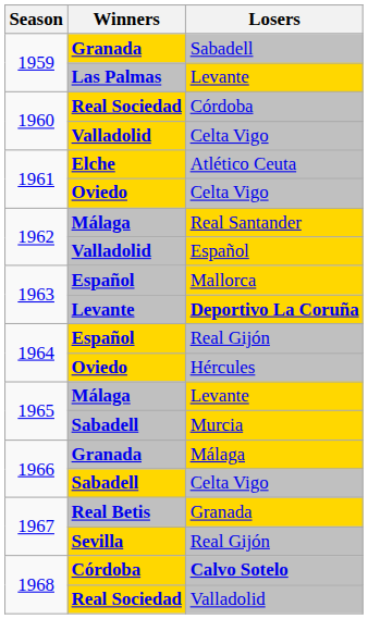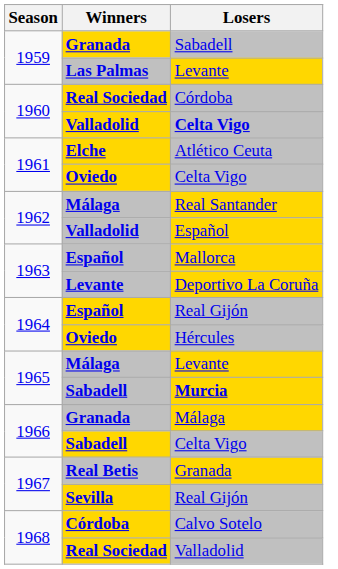 <table class="wikitable">
 <tr>
 <th>Season</th>
 <th>Winners</th>
 <th>Losers</th>
 </tr>
 <tr>
 <td rowspan=2 align=center><a href='#'>1959</a></td>
 <td bgcolor=gold><strong><a href='#'>Granada</a></strong></td>
 <td bgcolor=silver><a href='#'>Sabadell</a></td>
 </tr>
 <tr>
 <td bgcolor=silver><strong><a href='#'>Las Palmas</a></strong></td>
 <td bgcolor=gold><a href='#'>Levante</a></td>
 </tr>
 <tr>
 <td rowspan=2 align=center><a href='#'>1960</a></td>
 <td bgcolor=gold><strong><a href='#'>Real Sociedad</a></strong></td>
 <td bgcolor=silver><a href='#'>Córdoba</a></td>
 </tr>
 <tr>
 <td bgcolor=gold><strong><a href='#'>Valladolid</a></strong></td>
-<td bgcolor=silver><a href='#'>Celta Vigo</a></td>
+<td bgcolor=silver><strong><a href='#'>Celta Vigo</a></strong></td>
 </tr>
 <tr>
 <td rowspan=2 align=center><a href='#'>1961</a></td>
 <td bgcolor=gold><strong><a href='#'>Elche</a></strong></td>
 <td bgcolor=silver><a href='#'>Atlético Ceuta</a></td>
 </tr>
 <tr>
 <td bgcolor=gold><strong><a href='#'>Oviedo</a></strong></td>
 <td bgcolor=silver><a href='#'>Celta Vigo</a></td>
 </tr>
 <tr>
 <td rowspan=2 align=center><a href='#'>1962</a></td>
 <td bgcolor=silver><strong><a href='#'>Málaga</a></strong></td>
 <td bgcolor=gold><a href='#'>Real Santander</a></td>
 </tr>
 <tr>
 <td bgcolor=silver><strong><a href='#'>Valladolid</a></strong></td>
 <td bgcolor=gold><a href='#'>Español</a></td>
 </tr>
 <tr>
 <td rowspan=2 align=center><a href='#'>1963</a></td>
 <td bgcolor=silver><strong><a href='#'>Español</a></strong></td>
 <td bgcolor=gold><a href='#'>Mallorca</a></td>
 </tr>
 <tr>
 <td bgcolor=silver><strong><a href='#'>Levante</a></strong></td>
-<td bgcolor=gold><strong><a href='#'>Deportivo La Coruña</a></strong></td>
+<td bgcolor=gold><a href='#'>Deportivo La Coruña</a></td>
 </tr>
 <tr>
 <td rowspan=2 align=center><a href='#'>1964</a></td>
 <td bgcolor=gold><strong><a href='#'>Español</a></strong></td>
 <td bgcolor=silver><a href='#'>Real Gijón</a></td>
 </tr>
 <tr>
 <td bgcolor=gold><strong><a href='#'>Oviedo</a></strong></td>
 <td bgcolor=silver><a href='#'>Hércules</a></td>
 </tr>
 <tr>
 <td rowspan=2 align=center><a href='#'>1965</a></td>
 <td bgcolor=silver><strong><a href='#'>Málaga</a></strong></td>
 <td bgcolor=gold><a href='#'>Levante</a></td>
 </tr>
 <tr>
 <td bgcolor=silver><strong><a href='#'>Sabadell</a></strong></td>
-<td bgcolor=gold><a href='#'>Murcia</a></td>
+<td bgcolor=gold><strong><a href='#'>Murcia</a></strong></td>
 </tr>
 <tr>
 <td rowspan=2 align=center><a href='#'>1966</a></td>
 <td bgcolor=silver><strong><a href='#'>Granada</a></strong></td>
 <td bgcolor=gold><a href='#'>Málaga</a></td>
 </tr>
 <tr>
 <td bgcolor=gold><strong><a href='#'>Sabadell</a></strong></td>
 <td bgcolor=silver><a href='#'>Celta Vigo</a></td>
 </tr>
 <tr>
 <td rowspan=2 align=center><a href='#'>1967</a></td>
 <td bgcolor=silver><strong><a href='#'>Real Betis</a></strong></td>
 <td bgcolor=gold><a href='#'>Granada</a></td>
 </tr>
 <tr>
 <td bgcolor=gold><strong><a href='#'>Sevilla</a></strong></td>
 <td bgcolor=silver><a href='#'>Real Gijón</a></td>
 </tr>
 <tr>
 <td rowspan=2 align=center><a href='#'>1968</a></td>
 <td bgcolor=gold><strong><a href='#'>Córdoba</a></strong></td>
-<td bgcolor=silver><strong><a href='#'>Calvo Sotelo</a></strong></td>
+<td bgcolor=silver><a href='#'>Calvo Sotelo</a></td>
 </tr>
 <tr>
 <td bgcolor=gold><strong><a href='#'>Real Sociedad</a></strong></td>
 <td bgcolor=silver><a href='#'>Valladolid</a></td>
 </tr>
 </table>
